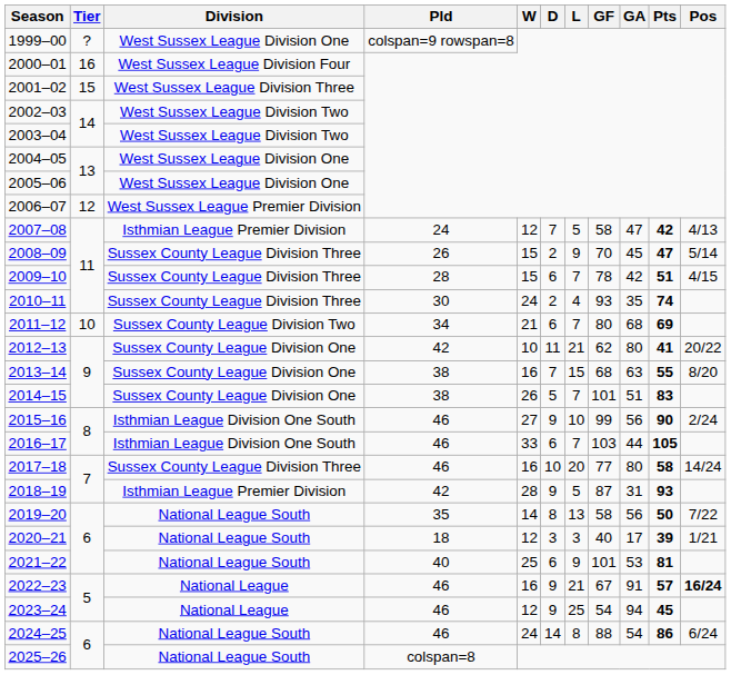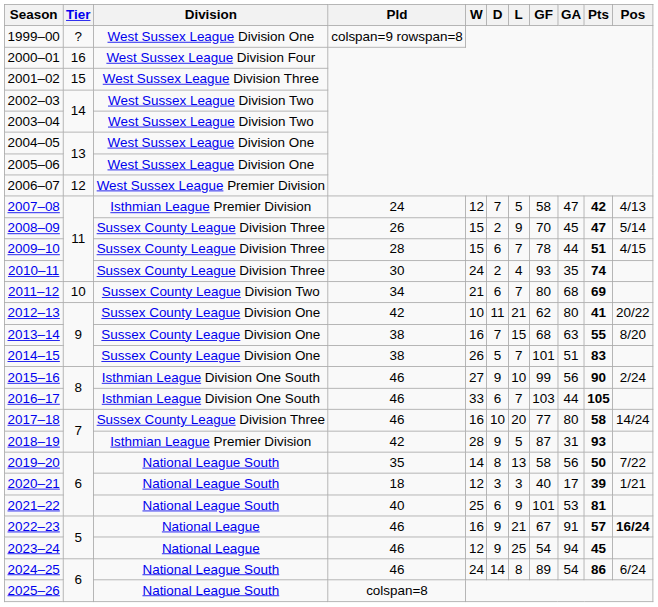 <table class="wikitable collapsible collapsed" style=text-align:center>
 <tr>
 <th>Season</th>
 <th><a href='#'>Tier</a></th>
 <th>Division</th>
 <th>Pld</th>
 <th>W</th>
 <th>D</th>
 <th>L</th>
 <th>GF</th>
 <th>GA</th>
 <th>Pts</th>
 <th>Pos</th>
 </tr>
 <tr>
 <td>1999–00</td>
 <td>?</td>
 <td><a href='#'>West Sussex League</a> Division One</td>
 <td>colspan=9 rowspan=8 </td>
 </tr>
 <tr>
 <td>2000–01</td>
 <td>16</td>
 <td><a href='#'>West Sussex League</a> Division Four</td>
 </tr>
 <tr>
 <td>2001–02</td>
 <td>15</td>
 <td><a href='#'>West Sussex League</a> Division Three</td>
 </tr>
 <tr>
 <td>2002–03</td>
 <td rowspan=2>14</td>
 <td><a href='#'>West Sussex League</a> Division Two</td>
 </tr>
 <tr>
 <td>2003–04</td>
 <td><a href='#'>West Sussex League</a> Division Two</td>
 </tr>
 <tr>
 <td>2004–05</td>
 <td rowspan=2>13</td>
 <td><a href='#'>West Sussex League</a> Division One</td>
 </tr>
 <tr>
 <td>2005–06</td>
 <td><a href='#'>West Sussex League</a> Division One</td>
 </tr>
 <tr>
 <td>2006–07</td>
 <td>12</td>
 <td><a href='#'>West Sussex League</a> Premier Division</td>
 </tr>
 <tr>
 <td><a href='#'>2007–08</a></td>
 <td rowspan=4>11</td>
 <td><a href='#'>Isthmian League</a> Premier Division</td>
 <td>24</td>
 <td>12</td>
 <td>7</td>
 <td>5</td>
 <td>58</td>
 <td>47</td>
 <td><strong>42</strong></td>
 <td>4/13</td>
 </tr>
 <tr>
 <td><a href='#'>2008–09</a></td>
 <td><a href='#'>Sussex County League</a> Division Three</td>
 <td>26</td>
 <td>15</td>
 <td>2</td>
 <td>9</td>
 <td>70</td>
 <td>45</td>
 <td><strong>47</strong></td>
 <td>5/14</td>
 </tr>
 <tr>
 <td><a href='#'>2009–10</a></td>
 <td><a href='#'>Sussex County League</a> Division Three</td>
 <td>28</td>
 <td>15</td>
 <td>6</td>
 <td>7</td>
 <td>78</td>
-<td>42</td>
+<td>44</td>
 <td><strong>51</strong></td>
 <td>4/15</td>
 </tr>
 <tr>
 <td><a href='#'>2010–11</a></td>
 <td><a href='#'>Sussex County League</a> Division Three</td>
 <td>30</td>
 <td>24</td>
 <td>2</td>
 <td>4</td>
 <td>93</td>
 <td>35</td>
 <td><strong>74</strong></td>
 <td></td>
 </tr>
 <tr>
 <td><a href='#'>2011–12</a></td>
 <td>10</td>
 <td><a href='#'>Sussex County League</a> Division Two</td>
 <td>34</td>
 <td>21</td>
 <td>6</td>
 <td>7</td>
 <td>80</td>
 <td>68</td>
 <td><strong>69</strong></td>
 <td></td>
 </tr>
 <tr>
 <td><a href='#'>2012–13</a></td>
 <td rowspan=3>9</td>
 <td><a href='#'>Sussex County League</a> Division One</td>
 <td>42</td>
 <td>10</td>
 <td>11</td>
 <td>21</td>
 <td>62</td>
 <td>80</td>
 <td><strong>41</strong></td>
 <td>20/22</td>
 </tr>
 <tr>
 <td><a href='#'>2013–14</a></td>
 <td><a href='#'>Sussex County League</a> Division One</td>
 <td>38</td>
 <td>16</td>
 <td>7</td>
 <td>15</td>
 <td>68</td>
 <td>63</td>
 <td><strong>55</strong></td>
 <td>8/20</td>
 </tr>
 <tr>
 <td><a href='#'>2014–15</a></td>
 <td><a href='#'>Sussex County League</a> Division One</td>
 <td>38</td>
 <td>26</td>
 <td>5</td>
 <td>7</td>
 <td>101</td>
 <td>51</td>
 <td><strong>83</strong></td>
 <td></td>
 </tr>
 <tr>
 <td><a href='#'>2015–16</a></td>
 <td rowspan=2>8</td>
 <td><a href='#'>Isthmian League</a> Division One South</td>
 <td>46</td>
 <td>27</td>
 <td>9</td>
 <td>10</td>
 <td>99</td>
 <td>56</td>
 <td><strong>90</strong></td>
 <td>2/24</td>
 </tr>
 <tr>
 <td><a href='#'>2016–17</a></td>
 <td><a href='#'>Isthmian League</a> Division One South</td>
 <td>46</td>
 <td>33</td>
 <td>6</td>
 <td>7</td>
 <td>103</td>
 <td>44</td>
 <td><strong>105</strong></td>
 <td></td>
 </tr>
 <tr>
 <td><a href='#'>2017–18</a></td>
 <td rowspan=2>7</td>
 <td><a href='#'>Sussex County League</a> Division Three</td>
 <td>46</td>
 <td>16</td>
 <td>10</td>
 <td>20</td>
 <td>77</td>
 <td>80</td>
 <td><strong>58</strong></td>
 <td>14/24</td>
 </tr>
 <tr>
 <td><a href='#'>2018–19</a></td>
 <td><a href='#'>Isthmian League</a> Premier Division</td>
 <td>42</td>
 <td>28</td>
 <td>9</td>
 <td>5</td>
 <td>87</td>
 <td>31</td>
 <td><strong>93</strong></td>
 <td></td>
 </tr>
 <tr>
 <td><a href='#'>2019–20</a></td>
 <td rowspan=3>6</td>
 <td><a href='#'>National League South</a></td>
 <td>35</td>
 <td>14</td>
 <td>8</td>
 <td>13</td>
 <td>58</td>
 <td>56</td>
 <td><strong>50</strong></td>
 <td>7/22</td>
 </tr>
 <tr>
 <td><a href='#'>2020–21</a></td>
 <td><a href='#'>National League South</a></td>
 <td>18</td>
 <td>12</td>
 <td>3</td>
 <td>3</td>
 <td>40</td>
 <td>17</td>
 <td><strong>39</strong></td>
 <td>1/21</td>
 </tr>
 <tr>
 <td><a href='#'>2021–22</a></td>
 <td><a href='#'>National League South</a></td>
 <td>40</td>
 <td>25</td>
 <td>6</td>
 <td>9</td>
 <td>101</td>
 <td>53</td>
 <td><strong>81</strong></td>
 <td></td>
 </tr>
 <tr>
 <td><a href='#'>2022–23</a></td>
 <td rowspan=2>5</td>
 <td><a href='#'>National League</a></td>
 <td>46</td>
 <td>16</td>
 <td>9</td>
 <td>21</td>
 <td>67</td>
 <td>91</td>
 <td><strong>57</strong></td>
 <td><strong>16/24</strong></td>
 </tr>
 <tr>
 <td><a href='#'>2023–24</a></td>
 <td><a href='#'>National League</a></td>
 <td>46</td>
 <td>12</td>
 <td>9</td>
 <td>25</td>
 <td>54</td>
 <td>94</td>
 <td><strong>45</strong></td>
 <td></td>
 </tr>
 <tr>
 <td><a href='#'>2024–25</a></td>
 <td rowspan=2>6</td>
 <td><a href='#'>National League South</a></td>
 <td>46</td>
 <td>24</td>
 <td>14</td>
 <td>8</td>
-<td>88</td>
+<td>89</td>
 <td>54</td>
 <td><strong>86</strong></td>
 <td>6/24</td>
 </tr>
 <tr>
 <td><a href='#'>2025–26</a></td>
 <td><a href='#'>National League South</a></td>
 <td>colspan=8 </td>
 </tr>
 </table>
